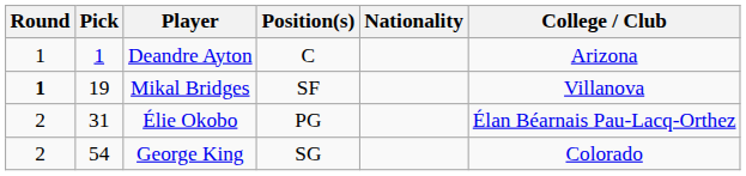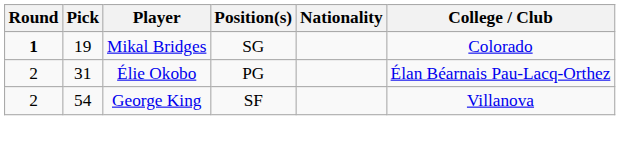 <table class="wikitable sortable sortable">
 <tr>
 <th>Round</th>
 <th>Pick</th>
 <th>Player</th>
 <th>Position(s)</th>
 <th>Nationality</th>
 <th>College / Club</th>
 </tr>
 <tr style="text-align: center">
-<td>1</td>
-<td><a href='#'>1</a></td>
-<td><a href='#'>Deandre Ayton</a></td>
-<td>C</td>
-<td></td>
-<td><a href='#'>Arizona</a></td>
-</tr>
-<tr style="text-align: center">
 <td><strong>1</strong></td>
 <td>19</td>
 <td><a href='#'>Mikal Bridges</a></td>
-<td>SF</td>
+<td>SG</td>
 <td></td>
-<td><a href='#'>Villanova</a></td>
+<td><a href='#'>Colorado</a></td>
 </tr>
 <tr style="text-align: center">
 <td>2</td>
 <td>31</td>
 <td><a href='#'>Élie Okobo</a></td>
 <td>PG</td>
 <td></td>
 <td> <a href='#'>Élan Béarnais Pau-Lacq-Orthez</a></td>
 </tr>
 <tr style="text-align: center">
 <td>2</td>
 <td>54</td>
 <td><a href='#'>George King</a></td>
-<td>SG</td>
+<td>SF</td>
 <td></td>
-<td><a href='#'>Colorado</a></td>
+<td><a href='#'>Villanova</a></td>
 </tr>
 </table>
